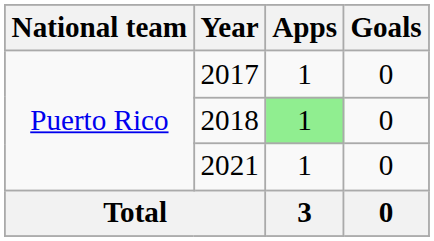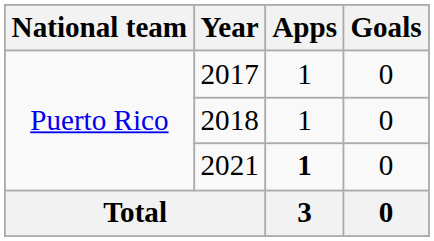 <table class="wikitable" style="text-align:center">
 <tr>
 <th>National team</th>
 <th>Year</th>
 <th>Apps</th>
 <th>Goals</th>
 </tr>
 <tr>
 <td rowspan="3"><a href='#'>Puerto Rico</a></td>
 <td>2017</td>
 <td>1</td>
 <td>0</td>
 </tr>
 <tr>
 <td>2018</td>
-<td style="background: lightgreen;">1</td>
+<td>1</td>
 <td>0</td>
 </tr>
 <tr>
 <td>2021</td>
-<td>1</td>
+<td><strong>1</strong></td>
 <td>0</td>
 </tr>
 <tr>
 <th colspan=2>Total</th>
 <th>3</th>
 <th>0</th>
 </tr>
 </table>
